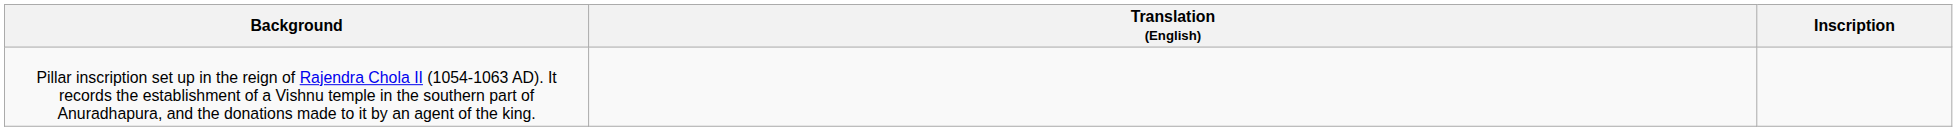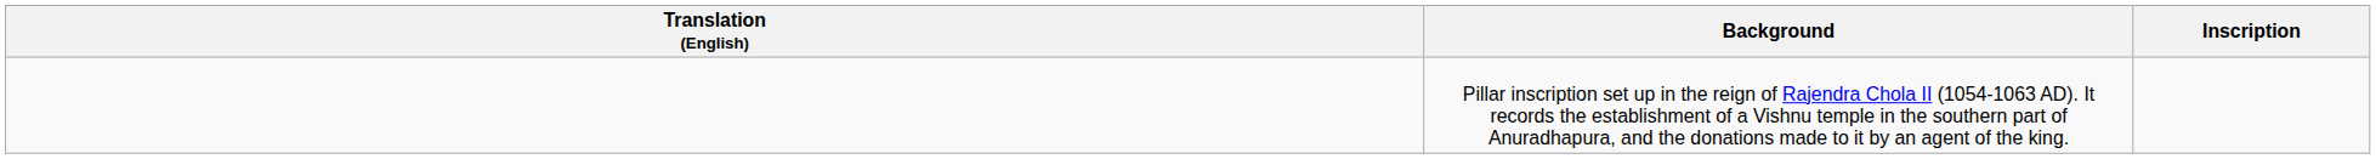 <table class="wikitable centre">
 <tr>
+<th>Translation<br><small>(English)</small></th>
 <th scope="col" align=left>Background<br></th>
-<th>Translation<br><small>(English)</small></th>
 <th>Inscription<br></th>
 </tr>
 <tr>
+<td align=left><br></td>
 <td align=center width="30%"><br>Pillar inscription set up in the reign of <a href='#'>Rajendra Chola II</a> (1054-1063 AD). It records the establishment of a Vishnu temple in the southern part of Anuradhapura, and the donations made to it by an agent of the king.</td>
-<td align=left><br></td>
 <td align=center width="10%"><br></td>
 </tr>
 </table>
